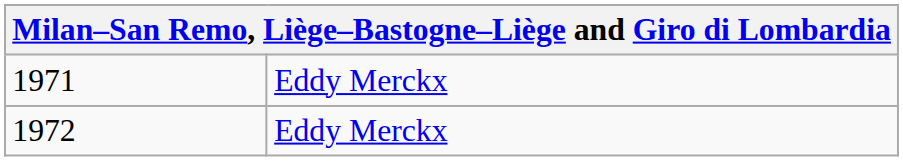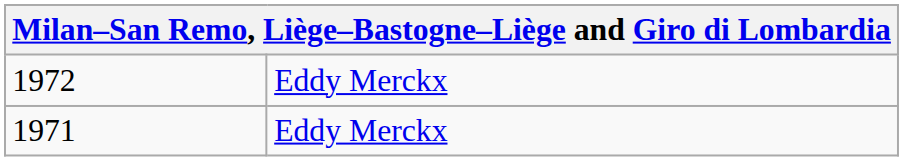 <table class="wikitable">
 <tr>
 <th colspan=2><a href='#'>Milan–San Remo</a>, <a href='#'>Liège–Bastogne–Liège</a> and <a href='#'>Giro di Lombardia</a></th>
 </tr>
 <tr>
+<td>1972</td>
+<td> <a href='#'>Eddy Merckx</a></td>
+</tr>
+<tr>
 <td>1971</td>
 <td> <a href='#'>Eddy Merckx</a></td>
 </tr>
-<tr>
-<td>1972</td>
-<td> <a href='#'>Eddy Merckx</a></td>
-</tr>
 </table>
